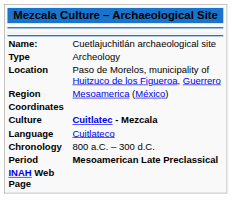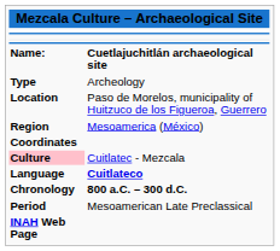 <table class="infobox" style="font-size:90%; text-align:left; width:23.5em">
 <tr>
 <td colspan="3" bgcolor=#1874CD style="text-align: center; font-size: larger;"><span><strong> Mezcala Culture – Archaeological Site</strong></span></td>
 </tr>
 <tr style="vertical-align: top; text-align: center;">
 <td colspan=3 bgcolor="#FFFFFF" align="center"></td>
 </tr>
 <tr>
 <td colspan="2" bgcolor=#1874CD></td>
 </tr>
 <tr>
 <td colspan=2></td>
 </tr>
 <tr>
 <td style="background:#efefef;"align="center" colspan="2"></td>
 </tr>
 <tr>
 <td colspan="2" bgcolor=#1874CD></td>
 </tr>
 <tr>
 <td><strong>Name:</strong></td>
-<td><span> Cuetlajuchitlán archaeological site</span></td>
+<td><strong><span> Cuetlajuchitlán archaeological site</span></strong></td>
 </tr>
 <tr>
 <td><strong>Type</strong></td>
 <td>Archeology</td>
 </tr>
 <tr>
 <td><strong>Location</strong></td>
 <td>Paso de Morelos, municipality of <a href='#'>Huitzuco de los Figueroa</a>, <a href='#'>Guerrero</a><br></td>
 </tr>
 <tr>
 <td><strong>Region</strong></td>
 <td><a href='#'>Mesoamerica</a> (<a href='#'>México</a>)</td>
 </tr>
 <tr>
 <td><strong>Coordinates</strong></td>
 <td></td>
 </tr>
 <tr>
-<td><strong>Culture</strong></td>
-<td><strong><a href='#'>Cuitlatec</a> - Mezcala</strong></td>
+<td style="background: pink;"><strong>Culture</strong></td>
+<td><a href='#'>Cuitlatec</a> - Mezcala</td>
 </tr>
 <tr>
 <td><strong>Language</strong></td>
-<td><a href='#'>Cuitlateco</a></td>
+<td><strong><a href='#'>Cuitlateco</a></strong></td>
 </tr>
 <tr>
 <td><strong>Chronology</strong></td>
-<td>800 a.C. – 300  d.C.</td>
+<td><strong>800 a.C. – 300  d.C.</strong></td>
 </tr>
 <tr>
 <td><strong>Period</strong></td>
-<td><strong>Mesoamerican Late Preclassical</strong></td>
+<td>Mesoamerican Late Preclassical</td>
 </tr>
 <tr>
 <td><strong> <a href='#'>INAH</a> Web Page </strong></td>
 <td></td>
 </tr>
 </table>
